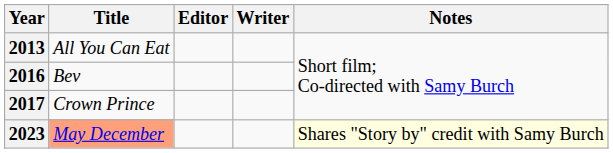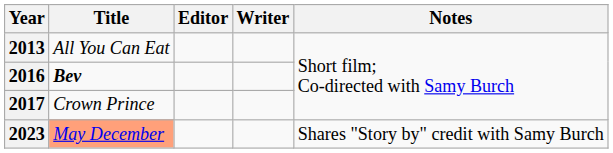 <table class="wikitable sortable">
 <tr>
 <th>Year</th>
 <th>Title</th>
 <th>Editor</th>
 <th>Writer</th>
 <th>Notes</th>
 </tr>
 <tr>
 <th scope="row">2013</th>
 <td><em>All You Can Eat</em></td>
 <td></td>
 <td></td>
 <td rowspan="3">Short film;<br>Co-directed with <a href='#'>Samy Burch</a></td>
 </tr>
 <tr>
 <th scope="row">2016</th>
-<td><em>Bev</em></td>
+<td><strong><em>Bev</em></strong></td>
 <td></td>
 <td></td>
 </tr>
 <tr>
 <th scope="row">2017</th>
 <td><em>Crown Prince</em></td>
 <td></td>
 <td></td>
 </tr>
 <tr>
 <th scope="row">2023</th>
 <td style="background: lightsalmon;"><em><a href='#'>May December</a></em></td>
 <td></td>
 <td></td>
-<td style="background: lightyellow;">Shares "Story by" credit with Samy Burch</td>
+<td>Shares "Story by" credit with Samy Burch</td>
 </tr>
 </table>
